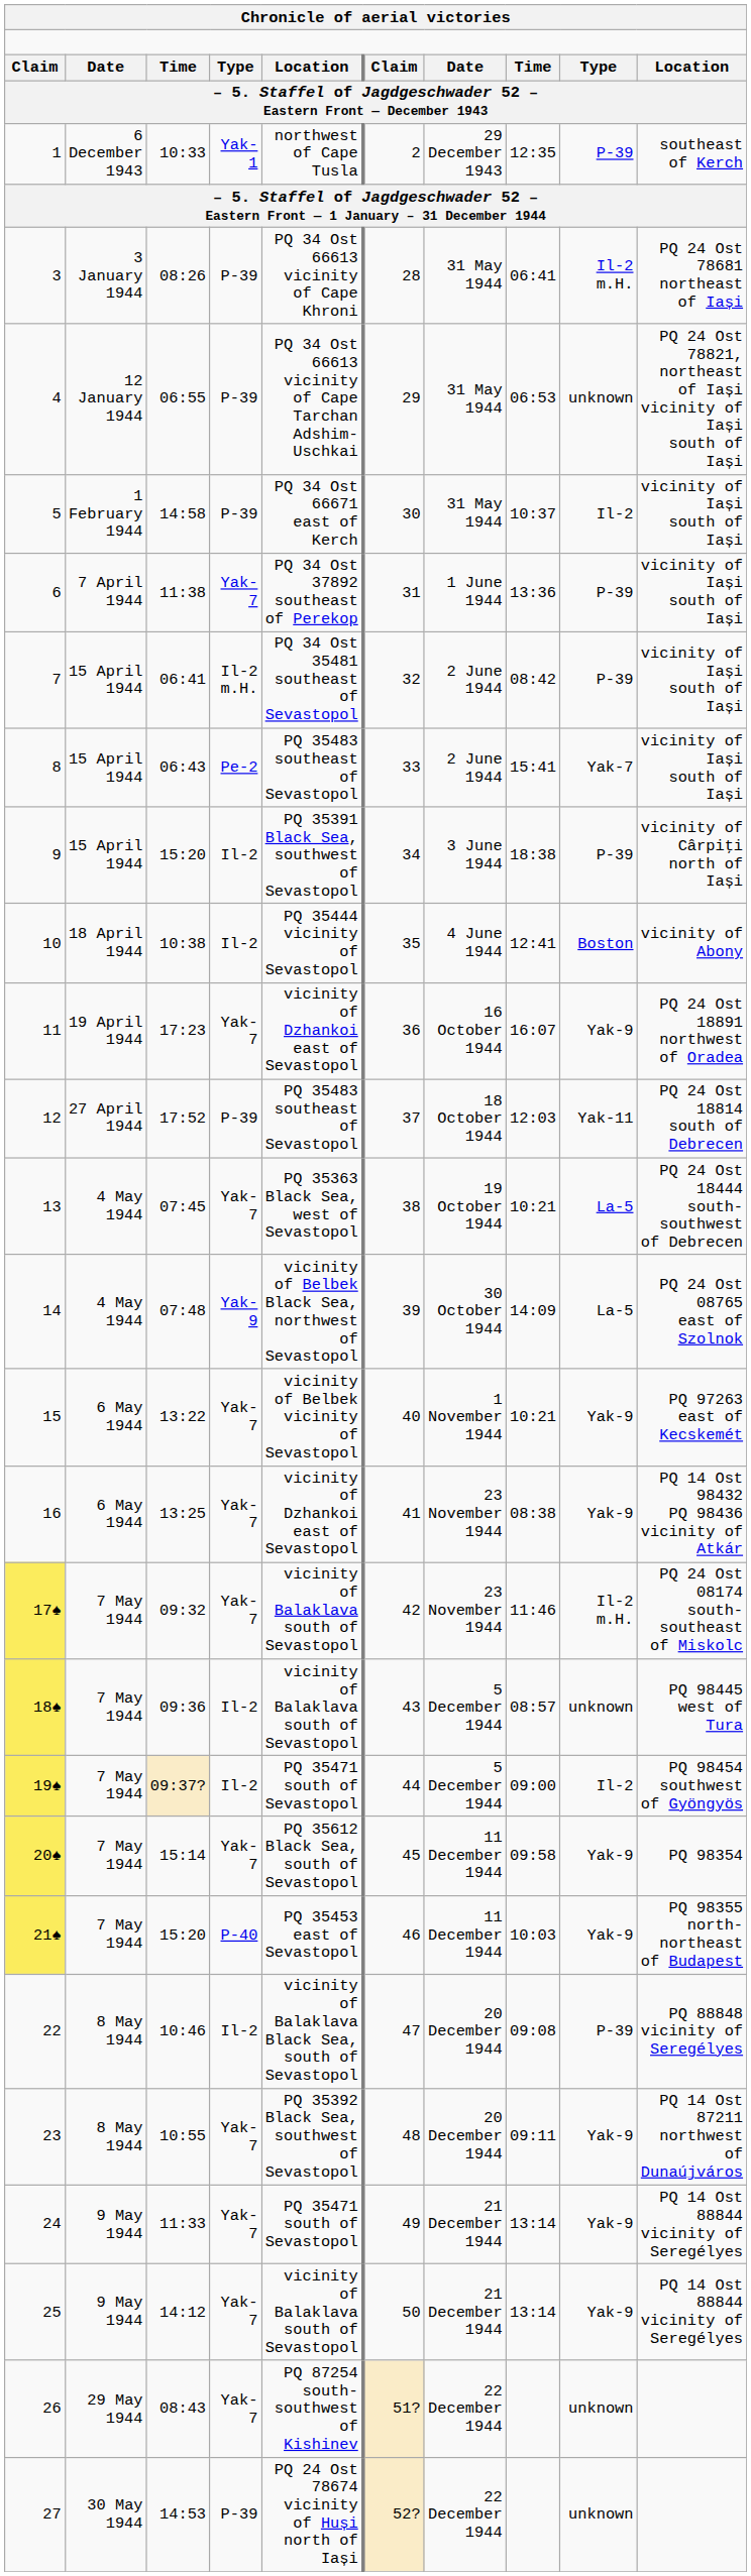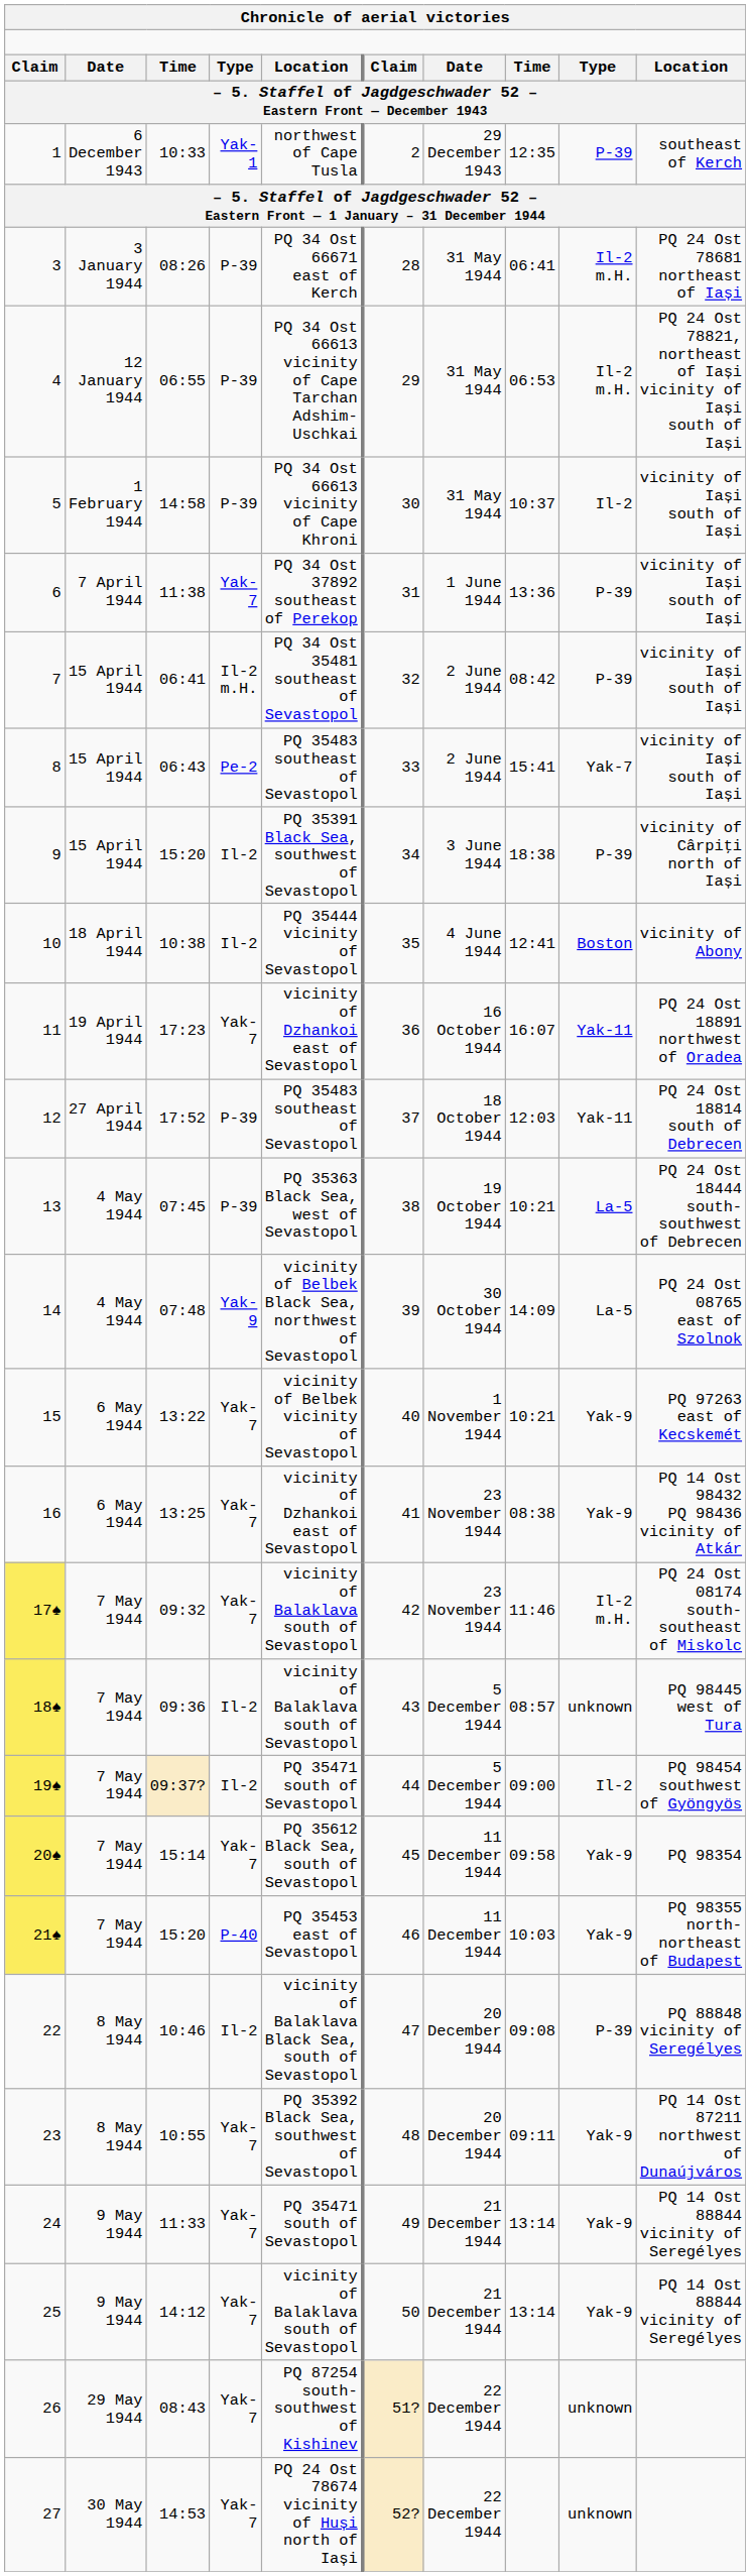 <table class="wikitable plainrowheaders collapsible" style="margin-left: auto; margin-right: auto; border: none; text-align:right; width: 100%;">
 <tr>
 <th colspan="10">Chronicle of aerial victories</th>
 </tr>
 <tr>
 <td colspan="10" style="text-align: left;"><br> </td>
 </tr>
 <tr>
 <th scope="col" width="100px">Claim</th>
 <th scope="col">Date</th>
 <th scope="col">Time</th>
 <th scope="col" width="100px">Type</th>
 <th scope="col">Location</th>
 <th scope="col" style="border-left: 3px solid grey;" width="100px">Claim</th>
 <th scope="col">Date</th>
 <th scope="col">Time</th>
 <th scope="col" width="100px">Type</th>
 <th scope="col">Location</th>
 </tr>
 <tr>
 <th colspan="10">– 5. <em>Staffel</em> of <em>Jagdgeschwader</em> 52 –<br><small>Eastern Front — December 1943</small></th>
 </tr>
 <tr>
 <td>1</td>
 <td>6 December 1943</td>
 <td>10:33</td>
 <td><a href='#'>Yak-1</a></td>
 <td>northwest of Cape Tusla</td>
 <td style="border-left: 3px solid grey;">2</td>
 <td>29 December 1943</td>
 <td>12:35</td>
 <td><a href='#'>P-39</a></td>
 <td>southeast of <a href='#'>Kerch</a></td>
 </tr>
 <tr>
 <th colspan="10">– 5. <em>Staffel</em> of <em>Jagdgeschwader</em> 52 –<br><small>Eastern Front — 1 January – 31 December 1944</small></th>
 </tr>
 <tr>
 <td>3</td>
 <td>3 January 1944</td>
 <td>08:26</td>
 <td>P-39</td>
-<td>PQ 34 Ost 66613<br>vicinity of Cape Khroni</td>
+<td>PQ 34 Ost 66671<br>east of Kerch</td>
 <td style="border-left: 3px solid grey;">28</td>
 <td>31 May 1944</td>
 <td>06:41</td>
 <td><a href='#'>Il-2</a> m.H.</td>
 <td>PQ 24 Ost 78681<br> northeast of <a href='#'>Iași</a></td>
 </tr>
 <tr>
 <td>4</td>
 <td>12 January 1944</td>
 <td>06:55</td>
 <td>P-39</td>
 <td>PQ 34 Ost 66613<br>vicinity of Cape Tarchan<br>Adshim-Uschkai</td>
 <td style="border-left: 3px solid grey;">29</td>
 <td>31 May 1944</td>
 <td>06:53</td>
-<td>unknown</td>
+<td>Il-2 m.H.</td>
 <td>PQ 24 Ost 78821, northeast of Iași<br>vicinity of Iași<br> south of Iași</td>
 </tr>
 <tr>
 <td>5</td>
 <td>1 February 1944</td>
 <td>14:58</td>
 <td>P-39</td>
-<td>PQ 34 Ost 66671<br>east of Kerch</td>
+<td>PQ 34 Ost 66613<br>vicinity of Cape Khroni</td>
 <td style="border-left: 3px solid grey;">30</td>
 <td>31 May 1944</td>
 <td>10:37</td>
 <td>Il-2</td>
 <td>vicinity of Iași<br> south of Iași</td>
 </tr>
 <tr>
 <td>6</td>
 <td>7 April 1944</td>
 <td>11:38</td>
 <td><a href='#'>Yak-7</a></td>
 <td>PQ 34 Ost 37892<br> southeast of <a href='#'>Perekop</a></td>
 <td style="border-left: 3px solid grey;">31</td>
 <td>1 June 1944</td>
 <td>13:36</td>
 <td>P-39</td>
 <td>vicinity of Iași<br> south of Iași</td>
 </tr>
 <tr>
 <td>7</td>
 <td>15 April 1944</td>
 <td>06:41</td>
 <td>Il-2 m.H.</td>
 <td>PQ 34 Ost 35481<br> southeast of <a href='#'>Sevastopol</a></td>
 <td style="border-left: 3px solid grey;">32</td>
 <td>2 June 1944</td>
 <td>08:42</td>
 <td>P-39</td>
 <td>vicinity of Iași<br> south of Iași</td>
 </tr>
 <tr>
 <td>8</td>
 <td>15 April 1944</td>
 <td>06:43</td>
 <td><a href='#'>Pe-2</a></td>
 <td>PQ 35483<br> southeast of Sevastopol</td>
 <td style="border-left: 3px solid grey;">33</td>
 <td>2 June 1944</td>
 <td>15:41</td>
 <td>Yak-7</td>
 <td>vicinity of Iași<br> south of Iași</td>
 </tr>
 <tr>
 <td>9</td>
 <td>15 April 1944</td>
 <td>15:20</td>
 <td>Il-2</td>
 <td>PQ 35391<br><a href='#'>Black Sea</a>, southwest of Sevastopol</td>
 <td style="border-left: 3px solid grey;">34</td>
 <td>3 June 1944</td>
 <td>18:38</td>
 <td>P-39</td>
 <td>vicinity of Cârpiţi<br> north of Iași</td>
 </tr>
 <tr>
 <td>10</td>
 <td>18 April 1944</td>
 <td>10:38</td>
 <td>Il-2</td>
 <td>PQ 35444<br>vicinity of Sevastopol</td>
 <td style="border-left: 3px solid grey;">35</td>
 <td>4 June 1944</td>
 <td>12:41</td>
 <td><a href='#'>Boston</a></td>
 <td>vicinity of <a href='#'>Abony</a></td>
 </tr>
 <tr>
 <td>11</td>
 <td>19 April 1944</td>
 <td>17:23</td>
 <td>Yak-7</td>
 <td>vicinity of <a href='#'>Dzhankoi</a><br> east of Sevastopol</td>
 <td style="border-left: 3px solid grey;">36</td>
 <td>16 October 1944</td>
 <td>16:07</td>
-<td>Yak-9</td>
+<td><a href='#'>Yak-11</a></td>
 <td>PQ 24 Ost 18891<br> northwest of <a href='#'>Oradea</a></td>
 </tr>
 <tr>
 <td>12</td>
 <td>27 April 1944</td>
 <td>17:52</td>
 <td>P-39</td>
 <td>PQ 35483<br> southeast of Sevastopol</td>
 <td style="border-left: 3px solid grey;">37</td>
 <td>18 October 1944</td>
 <td>12:03</td>
 <td>Yak-11</td>
 <td>PQ 24 Ost 18814<br> south of <a href='#'>Debrecen</a></td>
 </tr>
 <tr>
 <td>13</td>
 <td>4 May 1944</td>
 <td>07:45</td>
-<td>Yak-7</td>
+<td>P-39</td>
 <td>PQ 35363<br>Black Sea,  west of Sevastopol</td>
 <td style="border-left: 3px solid grey;">38</td>
 <td>19 October 1944</td>
 <td>10:21</td>
 <td><a href='#'>La-5</a></td>
 <td>PQ 24 Ost 18444<br> south-southwest of Debrecen</td>
 </tr>
 <tr>
 <td>14</td>
 <td>4 May 1944</td>
 <td>07:48</td>
 <td><a href='#'>Yak-9</a></td>
 <td>vicinity of <a href='#'>Belbek</a><br>Black Sea,  northwest of Sevastopol</td>
 <td style="border-left: 3px solid grey;">39</td>
 <td>30 October 1944</td>
 <td>14:09</td>
 <td>La-5</td>
 <td>PQ 24 Ost 08765<br> east of <a href='#'>Szolnok</a></td>
 </tr>
 <tr>
 <td>15</td>
 <td>6 May 1944</td>
 <td>13:22</td>
 <td>Yak-7</td>
 <td>vicinity of Belbek<br>vicinity of Sevastopol</td>
 <td style="border-left: 3px solid grey;">40</td>
 <td>1 November 1944</td>
 <td>10:21</td>
 <td>Yak-9</td>
 <td>PQ 97263<br>east of <a href='#'>Kecskemét</a></td>
 </tr>
 <tr>
 <td>16</td>
 <td>6 May 1944</td>
 <td>13:25</td>
 <td>Yak-7</td>
 <td>vicinity of Dzhankoi<br> east of Sevastopol</td>
 <td style="border-left: 3px solid grey;">41</td>
 <td>23 November 1944</td>
 <td>08:38</td>
 <td>Yak-9</td>
 <td>PQ 14 Ost 98432<br>PQ 98436<br>vicinity of <a href='#'>Atkár</a></td>
 </tr>
 <tr>
 <td style="background:#fbec5d;">17♠</td>
 <td>7 May 1944</td>
 <td>09:32</td>
 <td>Yak-7</td>
 <td>vicinity of <a href='#'>Balaklava</a><br> south of Sevastopol</td>
 <td style="border-left: 3px solid grey;">42</td>
 <td>23 November 1944</td>
 <td>11:46</td>
 <td>Il-2 m.H.</td>
 <td>PQ 24 Ost 08174<br> south-southeast of <a href='#'>Miskolc</a></td>
 </tr>
 <tr>
 <td style="background:#fbec5d;">18♠</td>
 <td>7 May 1944</td>
 <td>09:36</td>
 <td>Il-2</td>
 <td>vicinity of Balaklava<br> south of Sevastopol</td>
 <td style="border-left: 3px solid grey;">43</td>
 <td>5 December 1944</td>
 <td>08:57</td>
 <td>unknown</td>
 <td>PQ 98445<br>west of <a href='#'>Tura</a></td>
 </tr>
 <tr>
 <td style="background:#fbec5d;">19♠</td>
 <td>7 May 1944</td>
 <td style="background:#faecc8">09:37?</td>
 <td>Il-2</td>
 <td>PQ 35471<br> south of Sevastopol</td>
 <td style="border-left: 3px solid grey;">44</td>
 <td>5 December 1944</td>
 <td>09:00</td>
 <td>Il-2</td>
 <td>PQ 98454<br> southwest of <a href='#'>Gyöngyös</a></td>
 </tr>
 <tr>
 <td style="background:#fbec5d;">20♠</td>
 <td>7 May 1944</td>
 <td>15:14</td>
 <td>Yak-7</td>
 <td>PQ 35612<br>Black Sea,  south of Sevastopol</td>
 <td style="border-left: 3px solid grey;">45</td>
 <td>11 December 1944</td>
 <td>09:58</td>
 <td>Yak-9</td>
 <td>PQ 98354</td>
 </tr>
 <tr>
 <td style="background:#fbec5d;">21♠</td>
 <td>7 May 1944</td>
 <td>15:20</td>
 <td><a href='#'>P-40</a></td>
 <td>PQ 35453<br> east of Sevastopol</td>
 <td style="border-left: 3px solid grey;">46</td>
 <td>11 December 1944</td>
 <td>10:03</td>
 <td>Yak-9</td>
 <td>PQ 98355<br> north-northeast of <a href='#'>Budapest</a></td>
 </tr>
 <tr>
 <td>22</td>
 <td>8 May 1944</td>
 <td>10:46</td>
 <td>Il-2</td>
 <td>vicinity of Balaklava<br>Black Sea,  south of Sevastopol</td>
 <td style="border-left: 3px solid grey;">47</td>
 <td>20 December 1944</td>
 <td>09:08</td>
 <td>P-39</td>
 <td>PQ 88848<br>vicinity of <a href='#'>Seregélyes</a></td>
 </tr>
 <tr>
 <td>23</td>
 <td>8 May 1944</td>
 <td>10:55</td>
 <td>Yak-7</td>
 <td>PQ 35392<br>Black Sea, southwest of Sevastopol</td>
 <td style="border-left: 3px solid grey;">48</td>
 <td>20 December 1944</td>
 <td>09:11</td>
 <td>Yak-9</td>
 <td>PQ 14 Ost 87211<br> northwest of <a href='#'>Dunaújváros</a></td>
 </tr>
 <tr>
 <td>24</td>
 <td>9 May 1944</td>
 <td>11:33</td>
 <td>Yak-7</td>
 <td>PQ 35471<br> south of Sevastopol</td>
 <td style="border-left: 3px solid grey;">49</td>
 <td>21 December 1944</td>
 <td>13:14</td>
 <td>Yak-9</td>
 <td>PQ 14 Ost 88844<br>vicinity of Seregélyes</td>
 </tr>
 <tr>
 <td>25</td>
 <td>9 May 1944</td>
 <td>14:12</td>
 <td>Yak-7</td>
 <td>vicinity of Balaklava<br> south of Sevastopol</td>
 <td style="border-left: 3px solid grey;">50</td>
 <td>21 December 1944</td>
 <td>13:14</td>
 <td>Yak-9</td>
 <td>PQ 14 Ost 88844<br>vicinity of Seregélyes</td>
 </tr>
 <tr>
 <td>26</td>
 <td>29 May 1944</td>
 <td>08:43</td>
 <td>Yak-7</td>
 <td>PQ 87254<br> south-southwest of <a href='#'>Kishinev</a></td>
 <td style="border-left: 3px solid grey; background:#faecc8">51?</td>
 <td>22 December 1944</td>
 <td></td>
 <td>unknown</td>
 <td></td>
 </tr>
 <tr>
 <td>27</td>
 <td>30 May 1944</td>
 <td>14:53</td>
-<td>P-39</td>
+<td>Yak-7</td>
 <td>PQ 24 Ost 78674<br>vicinity of <a href='#'>Huși</a><br> north of Iași</td>
 <td style="border-left: 3px solid grey; background:#faecc8">52?</td>
 <td>22 December 1944</td>
 <td></td>
 <td>unknown</td>
 <td></td>
 </tr>
 </table>
